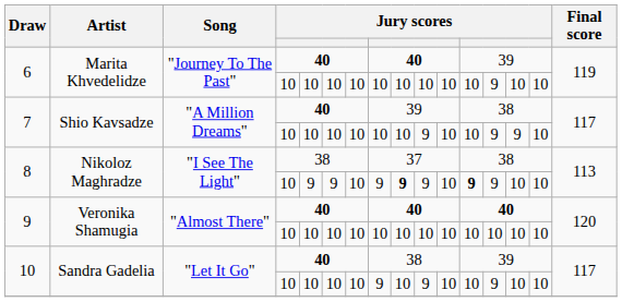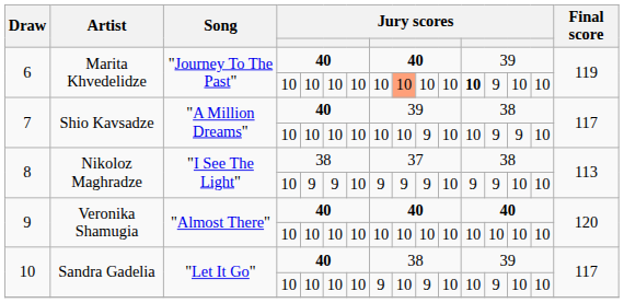 <table class="sortable wikitable" style="text-align:center;margin:1em auto 1em auto">
 <tr>
 <th scope="col" rowspan="2">Draw</th>
 <th scope="col" rowspan="2">Artist</th>
 <th scope="col" rowspan="2">Song</th>
 <th scope="col" colspan="12">Jury scores</th>
 <th scope="col" rowspan="2">Final score</th>
 </tr>
 <tr>
 <th scope="col" colspan="4" class="unsortable"><small></small></th>
 <th scope="col" colspan="4" class="unsortable"><small></small></th>
 <th scope="col" colspan="4" class="unsortable"><small></small></th>
 </tr>
 <tr>
 <td rowspan="2">6</td>
 <td rowspan="2">Marita Khvedelidze</td>
 <td rowspan="2">"<a href='#'>Journey To The Past</a>"<br></td>
 <td colspan="4"><strong>40</strong></td>
 <td colspan="4"><strong>40</strong></td>
 <td colspan="4">39</td>
 <td rowspan="2">119</td>
 </tr>
 <tr>
 <td>10</td>
 <td>10</td>
 <td>10</td>
 <td>10</td>
 <td>10</td>
+<td style="background: lightsalmon;">10</td>
 <td>10</td>
 <td>10</td>
-<td>10</td>
-<td>10</td>
+<td><strong>10</strong></td>
 <td>9</td>
 <td>10</td>
 <td>10</td>
 </tr>
 <tr>
 <td rowspan="2">7</td>
 <td rowspan="2">Shio Kavsadze</td>
 <td rowspan="2">"<a href='#'>A Million Dreams</a>"<br></td>
 <td colspan="4"><strong>40</strong></td>
 <td colspan="4">39</td>
 <td colspan="4">38</td>
 <td rowspan="2">117</td>
 </tr>
 <tr>
 <td>10</td>
 <td>10</td>
 <td>10</td>
 <td>10</td>
 <td>10</td>
 <td>10</td>
 <td>9</td>
 <td>10</td>
 <td>10</td>
 <td>9</td>
 <td>9</td>
 <td>10</td>
 </tr>
 <tr>
 <td rowspan="2">8</td>
 <td rowspan="2">Nikoloz Maghradze</td>
 <td rowspan="2">"<a href='#'>I See The Light</a>"<br></td>
 <td colspan="4">38</td>
 <td colspan="4">37</td>
 <td colspan="4">38</td>
 <td rowspan="2">113</td>
 </tr>
 <tr>
 <td>10</td>
 <td>9</td>
 <td>9</td>
 <td>10</td>
 <td>9</td>
-<td><strong>9</strong></td>
+<td>9</td>
 <td>9</td>
 <td>10</td>
-<td><strong>9</strong></td>
+<td>9</td>
 <td>9</td>
 <td>10</td>
 <td>10</td>
 </tr>
 <tr>
 <td rowspan="2">9</td>
 <td rowspan="2">Veronika Shamugia</td>
 <td rowspan="2">"<a href='#'>Almost There</a>"<br></td>
 <td colspan="4"><strong>40</strong></td>
 <td colspan="4"><strong>40</strong></td>
 <td colspan="4"><strong>40</strong></td>
 <td rowspan="2">120</td>
 </tr>
 <tr>
 <td>10</td>
 <td>10</td>
 <td>10</td>
 <td>10</td>
 <td>10</td>
 <td>10</td>
 <td>10</td>
 <td>10</td>
 <td>10</td>
 <td>10</td>
 <td>10</td>
 <td>10</td>
 </tr>
 <tr>
 <td rowspan="2">10</td>
 <td rowspan="2">Sandra Gadelia</td>
 <td rowspan="2">"<a href='#'>Let It Go</a>"<br></td>
 <td colspan="4"><strong>40</strong></td>
 <td colspan="4">38</td>
 <td colspan="4">39</td>
 <td rowspan="2">117</td>
 </tr>
 <tr>
 <td>10</td>
 <td>10</td>
 <td>10</td>
 <td>10</td>
 <td>9</td>
 <td>10</td>
 <td>9</td>
 <td>10</td>
 <td>10</td>
 <td>9</td>
 <td>10</td>
 <td>10</td>
 </tr>
 <tr>
 </tr>
 </table>
